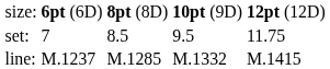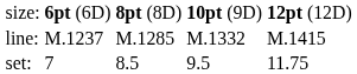 <table style="margin-left:40px;">
 <tr>
 <td>size:</td>
 <td><strong>6pt</strong> (6D)</td>
 <td><strong>8pt</strong> (8D)</td>
 <td><strong>10pt</strong> (9D)</td>
 <td><strong>12pt</strong> (12D)</td>
 </tr>
 <tr>
+<td>line:</td>
+<td>M.1237</td>
+<td>M.1285</td>
+<td>M.1332</td>
+<td>M.1415</td>
+</tr>
+<tr>
 <td>set:</td>
 <td>7</td>
 <td>8.5</td>
 <td>9.5</td>
 <td>11.75</td>
 </tr>
-<tr>
-<td>line:</td>
-<td>M.1237</td>
-<td>M.1285</td>
-<td>M.1332</td>
-<td>M.1415</td>
-</tr>
 </table>
